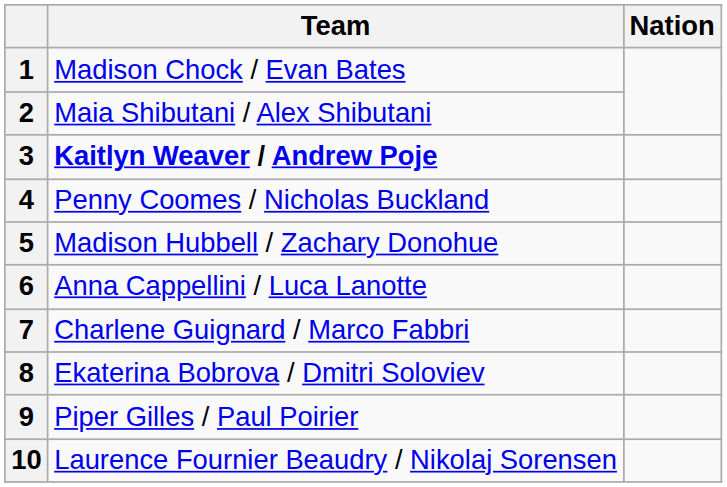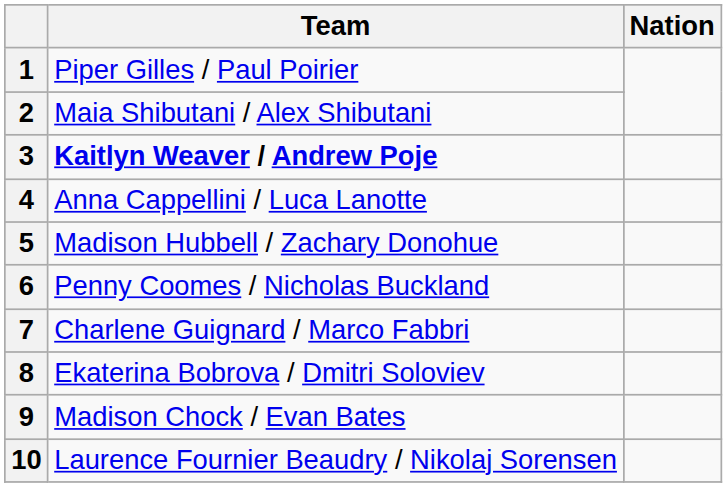 <table class="wikitable sortable" style="text-align: left">
 <tr>
 <th scope="col"></th>
 <th scope="col">Team</th>
 <th scope="col">Nation</th>
 </tr>
 <tr>
 <th scope="row">1</th>
-<td><a href='#'>Madison Chock</a> / <a href='#'>Evan Bates</a></td>
+<td><a href='#'>Piper Gilles</a> / <a href='#'>Paul Poirier</a></td>
 <td rowspan="2"></td>
 </tr>
 <tr>
 <th scope="row">2</th>
 <td><a href='#'>Maia Shibutani</a> / <a href='#'>Alex Shibutani</a></td>
 </tr>
 <tr>
 <th scope="row">3</th>
 <td><strong><a href='#'>Kaitlyn Weaver</a> / <a href='#'>Andrew Poje</a></strong></td>
 <td></td>
 </tr>
 <tr>
 <th scope="row">4</th>
-<td><a href='#'>Penny Coomes</a> / <a href='#'>Nicholas Buckland</a></td>
+<td><a href='#'>Anna Cappellini</a> / <a href='#'>Luca Lanotte</a></td>
 <td></td>
 </tr>
 <tr>
 <th scope="row">5</th>
 <td><a href='#'>Madison Hubbell</a> / <a href='#'>Zachary Donohue</a></td>
 <td></td>
 </tr>
 <tr>
 <th scope="row">6</th>
-<td><a href='#'>Anna Cappellini</a> / <a href='#'>Luca Lanotte</a></td>
+<td><a href='#'>Penny Coomes</a> / <a href='#'>Nicholas Buckland</a></td>
 <td></td>
 </tr>
 <tr>
 <th scope="row">7</th>
 <td><a href='#'>Charlene Guignard</a> / <a href='#'>Marco Fabbri</a></td>
 <td></td>
 </tr>
 <tr>
 <th scope="row">8</th>
 <td><a href='#'>Ekaterina Bobrova</a> / <a href='#'>Dmitri Soloviev</a></td>
 <td></td>
 </tr>
 <tr>
 <th scope="row">9</th>
-<td><a href='#'>Piper Gilles</a> / <a href='#'>Paul Poirier</a></td>
+<td><a href='#'>Madison Chock</a> / <a href='#'>Evan Bates</a></td>
 <td></td>
 </tr>
 <tr>
 <th scope="row">10</th>
 <td><a href='#'>Laurence Fournier Beaudry</a> / <a href='#'>Nikolaj Sorensen</a></td>
 <td></td>
 </tr>
 </table>
